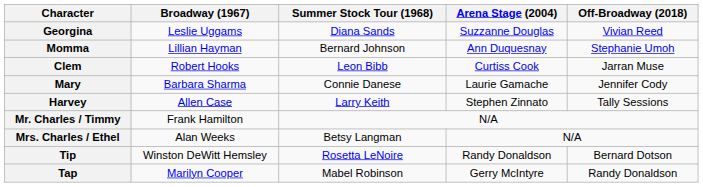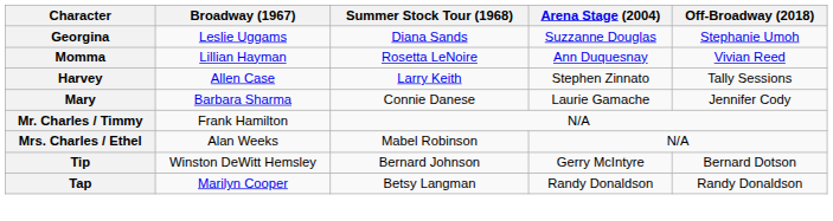 <table class="wikitable" style="width:50%; text-align:center">
 <tr>
 <th scope="col">Character</th>
 <th>Broadway (1967)</th>
 <th>Summer Stock Tour (1968)</th>
 <th><a href='#'>Arena Stage</a> (2004)</th>
 <th>Off-Broadway (2018)</th>
 </tr>
 <tr>
 <th>Georgina</th>
 <td colspan="1"><a href='#'>Leslie Uggams</a></td>
 <td colspan="1"><a href='#'>Diana Sands</a></td>
 <td colspan="1"><a href='#'>Suzzanne Douglas</a></td>
-<td colspan="1”"><a href='#'>Vivian Reed</a></td>
+<td colspan="1"><a href='#'>Stephanie Umoh</a></td>
 </tr>
 <tr>
 <th>Momma</th>
 <td colspan="1”"><a href='#'>Lillian Hayman</a></td>
-<td colspan="1">Bernard Johnson</td>
+<td colspan="1”"><a href='#'>Rosetta LeNoire</a></td>
 <td colspan="1”"><a href='#'>Ann Duquesnay</a></td>
-<td colspan="1"><a href='#'>Stephanie Umoh</a></td>
+<td colspan="1”"><a href='#'>Vivian Reed</a></td>
 </tr>
 <tr>
-<th>Clem</th>
-<td colspan="1”"><a href='#'>Robert Hooks</a></td>
-<td colspan="1”"><a href='#'>Leon Bibb</a></td>
-<td colspan="1”"><a href='#'>Curtiss Cook</a></td>
-<td colspan="1”">Jarran Muse</td>
+<th>Harvey</th>
+<td colspan="1"><a href='#'>Allen Case</a></td>
+<td colspan="1"><a href='#'>Larry Keith</a></td>
+<td colspan="1">Stephen Zinnato</td>
+<td colspan="1">Tally Sessions</td>
 </tr>
 <tr>
 <th>Mary</th>
 <td colspan="1"><a href='#'>Barbara Sharma</a></td>
 <td colspan="1">Connie Danese</td>
 <td colspan="1">Laurie Gamache</td>
 <td colspan="1">Jennifer Cody</td>
 </tr>
 <tr>
-<th>Harvey</th>
-<td colspan="1"><a href='#'>Allen Case</a></td>
-<td colspan="1"><a href='#'>Larry Keith</a></td>
-<td colspan="1">Stephen Zinnato</td>
-<td colspan="1">Tally Sessions</td>
-</tr>
-<tr>
 <th>Mr. Charles / Timmy</th>
 <td colspan="1">Frank Hamilton</td>
 <td colspan="3">N/A</td>
 </tr>
 <tr>
 <th>Mrs. Charles / Ethel</th>
 <td colspan="1">Alan Weeks</td>
-<td colspan="1">Betsy Langman</td>
+<td colspan="1">Mabel Robinson</td>
 <td colspan="2">N/A</td>
 </tr>
 <tr>
 <th>Tip</th>
 <td colspan="1">Winston DeWitt Hemsley</td>
-<td colspan="1”"><a href='#'>Rosetta LeNoire</a></td>
-<td colspan="1">Randy Donaldson</td>
+<td colspan="1">Bernard Johnson</td>
+<td colspan="1">Gerry McIntyre</td>
 <td colspan="1">Bernard Dotson</td>
 </tr>
 <tr>
 <th>Tap</th>
 <td colspan="1"><a href='#'>Marilyn Cooper</a></td>
-<td colspan="1">Mabel Robinson</td>
-<td colspan="1">Gerry McIntyre</td>
+<td colspan="1">Betsy Langman</td>
+<td colspan="1">Randy Donaldson</td>
 <td colspan="1">Randy Donaldson</td>
 </tr>
 </table>
